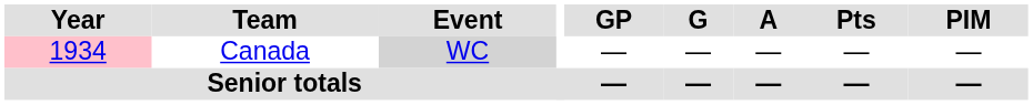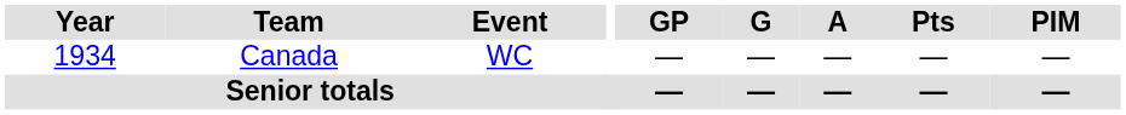 <table border="0" cellpadding="1" cellspacing="0" ID="Table3" style="text-align:center; width:40em">
 <tr bgcolor="#e0e0e0">
 <th>Year</th>
 <th>Team</th>
 <th>Event</th>
 <th rowspan="102" bgcolor="#ffffff"></th>
 <th>GP</th>
 <th>G</th>
 <th>A</th>
 <th>Pts</th>
 <th>PIM</th>
 </tr>
 <tr>
-<td style="background: pink;"><a href='#'>1934</a></td>
+<td><a href='#'>1934</a></td>
 <td><a href='#'>Canada</a></td>
-<td style="background: lightgrey;"><a href='#'>WC</a></td>
+<td><a href='#'>WC</a></td>
 <td>—</td>
 <td>—</td>
 <td>—</td>
 <td>—</td>
 <td>—</td>
 </tr>
 <tr bgcolor="#e0e0e0">
 <th colspan="4">Senior totals</th>
 <th>—</th>
 <th>—</th>
 <th>—</th>
 <th>—</th>
 <th>—</th>
 </tr>
 </table>
